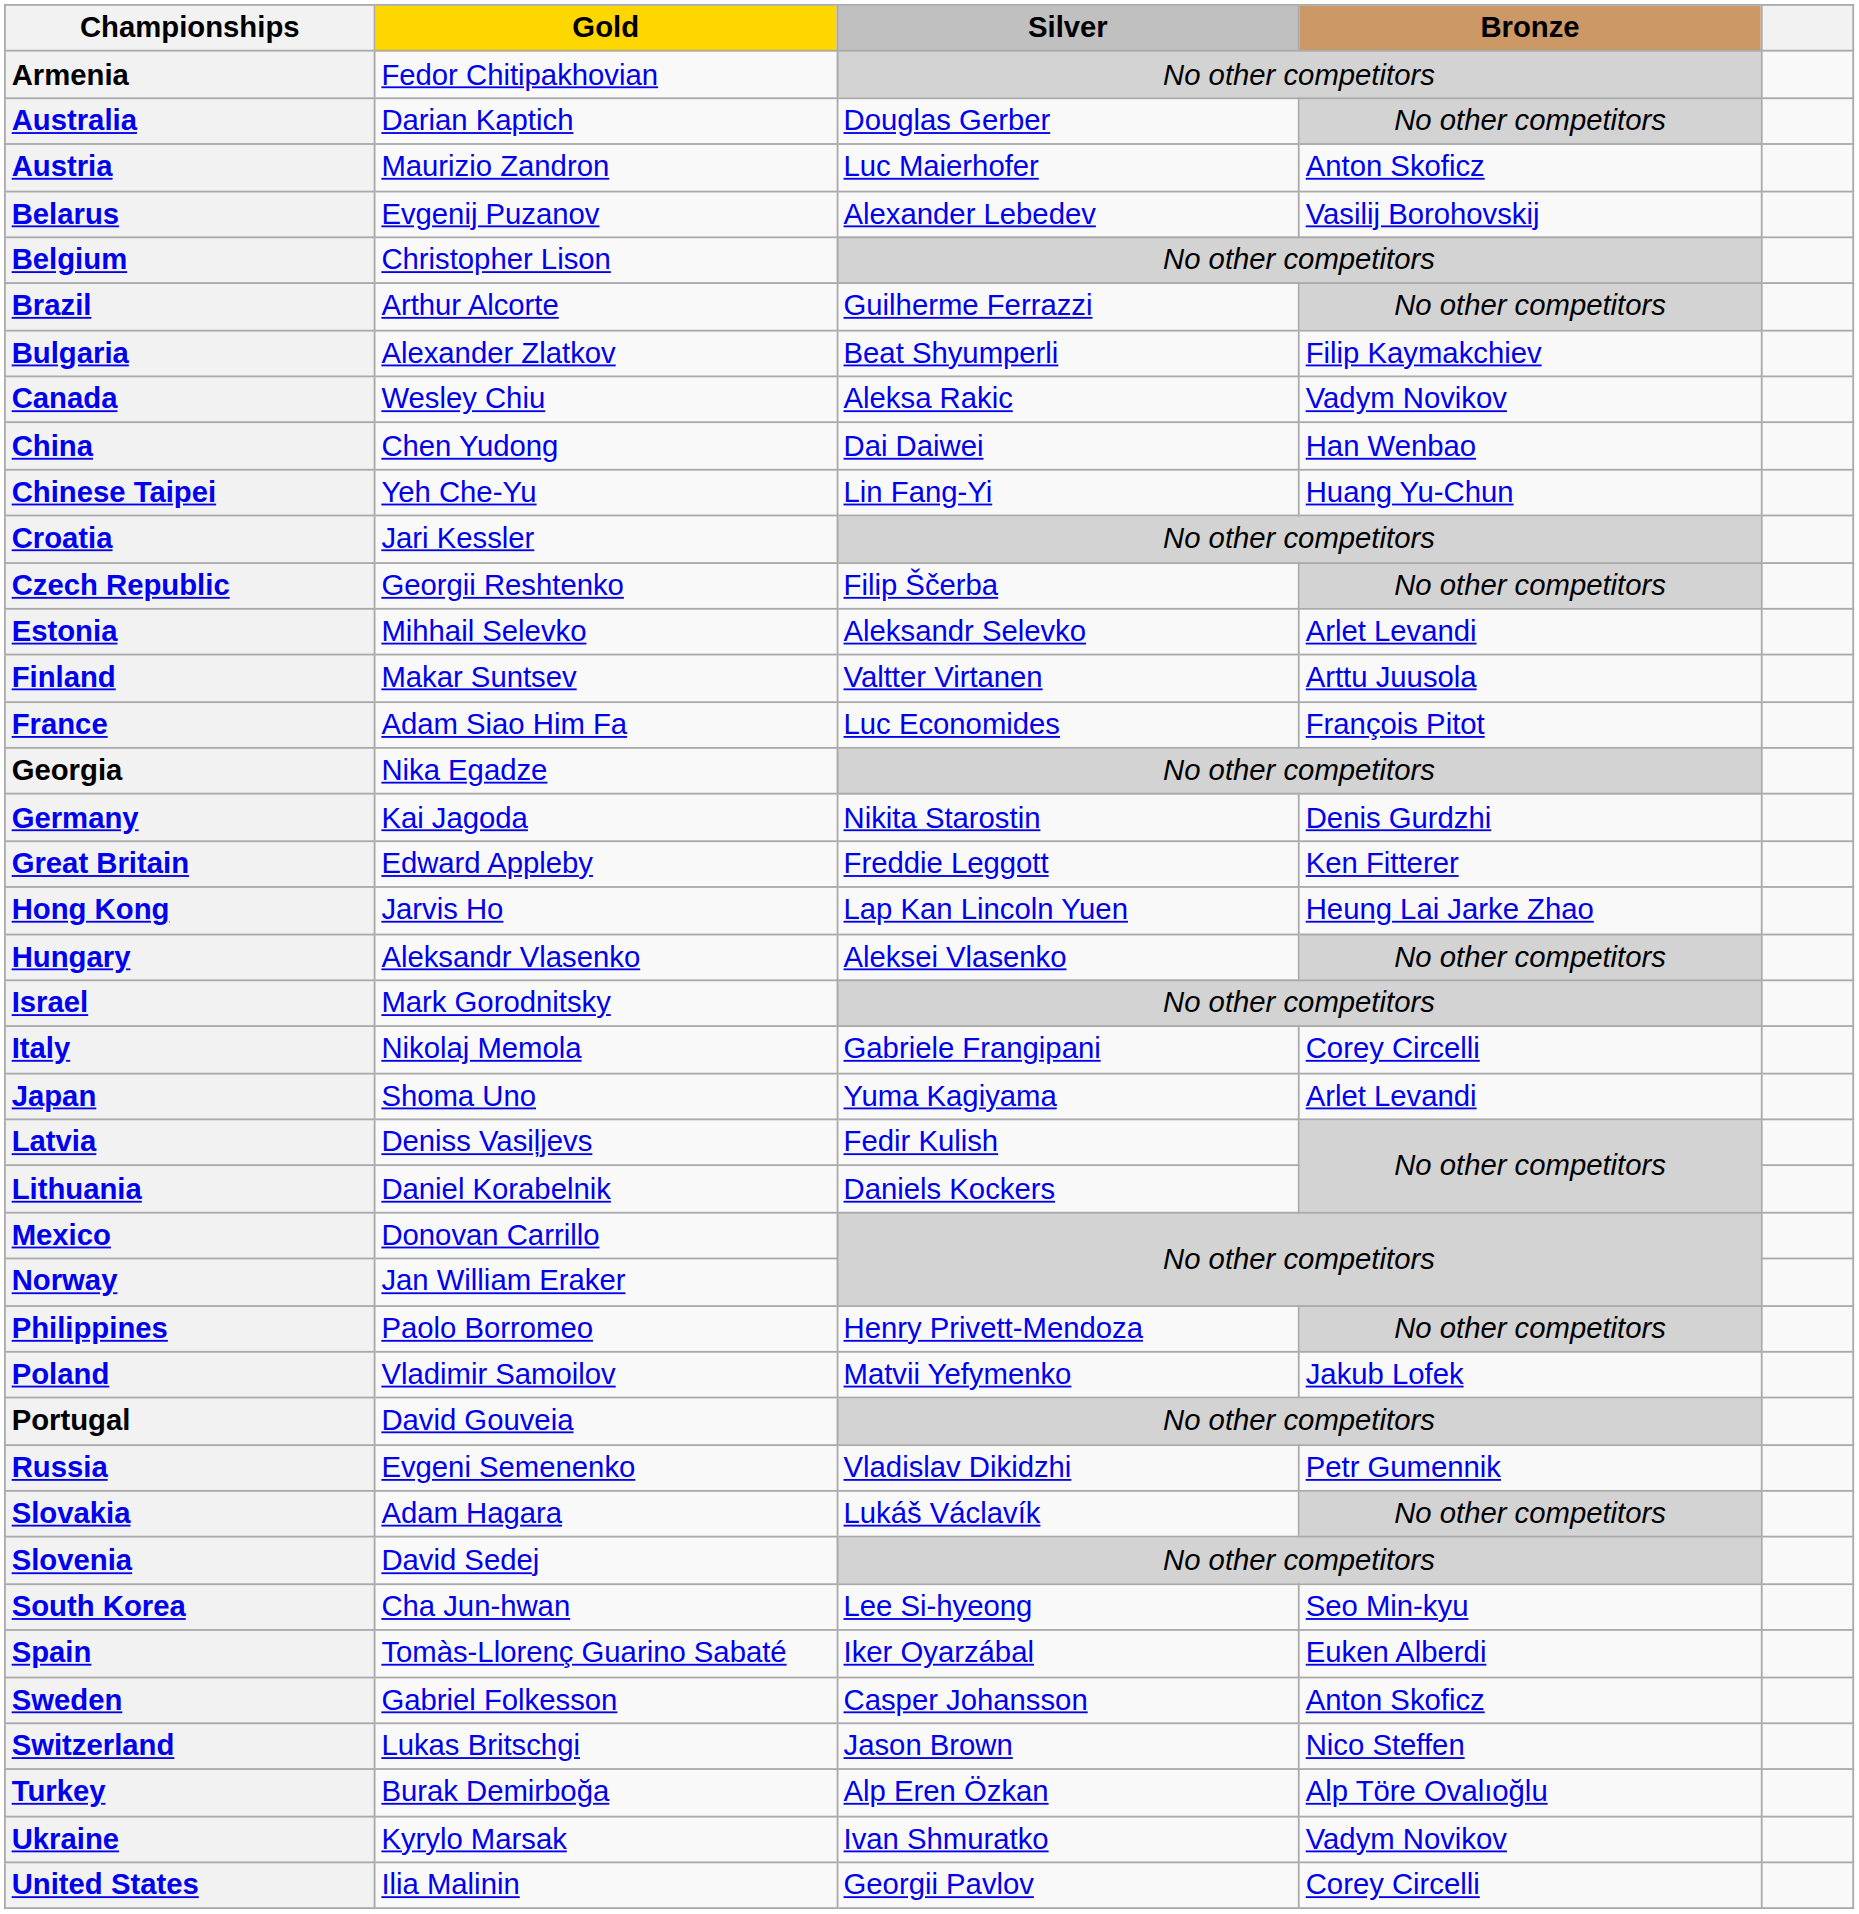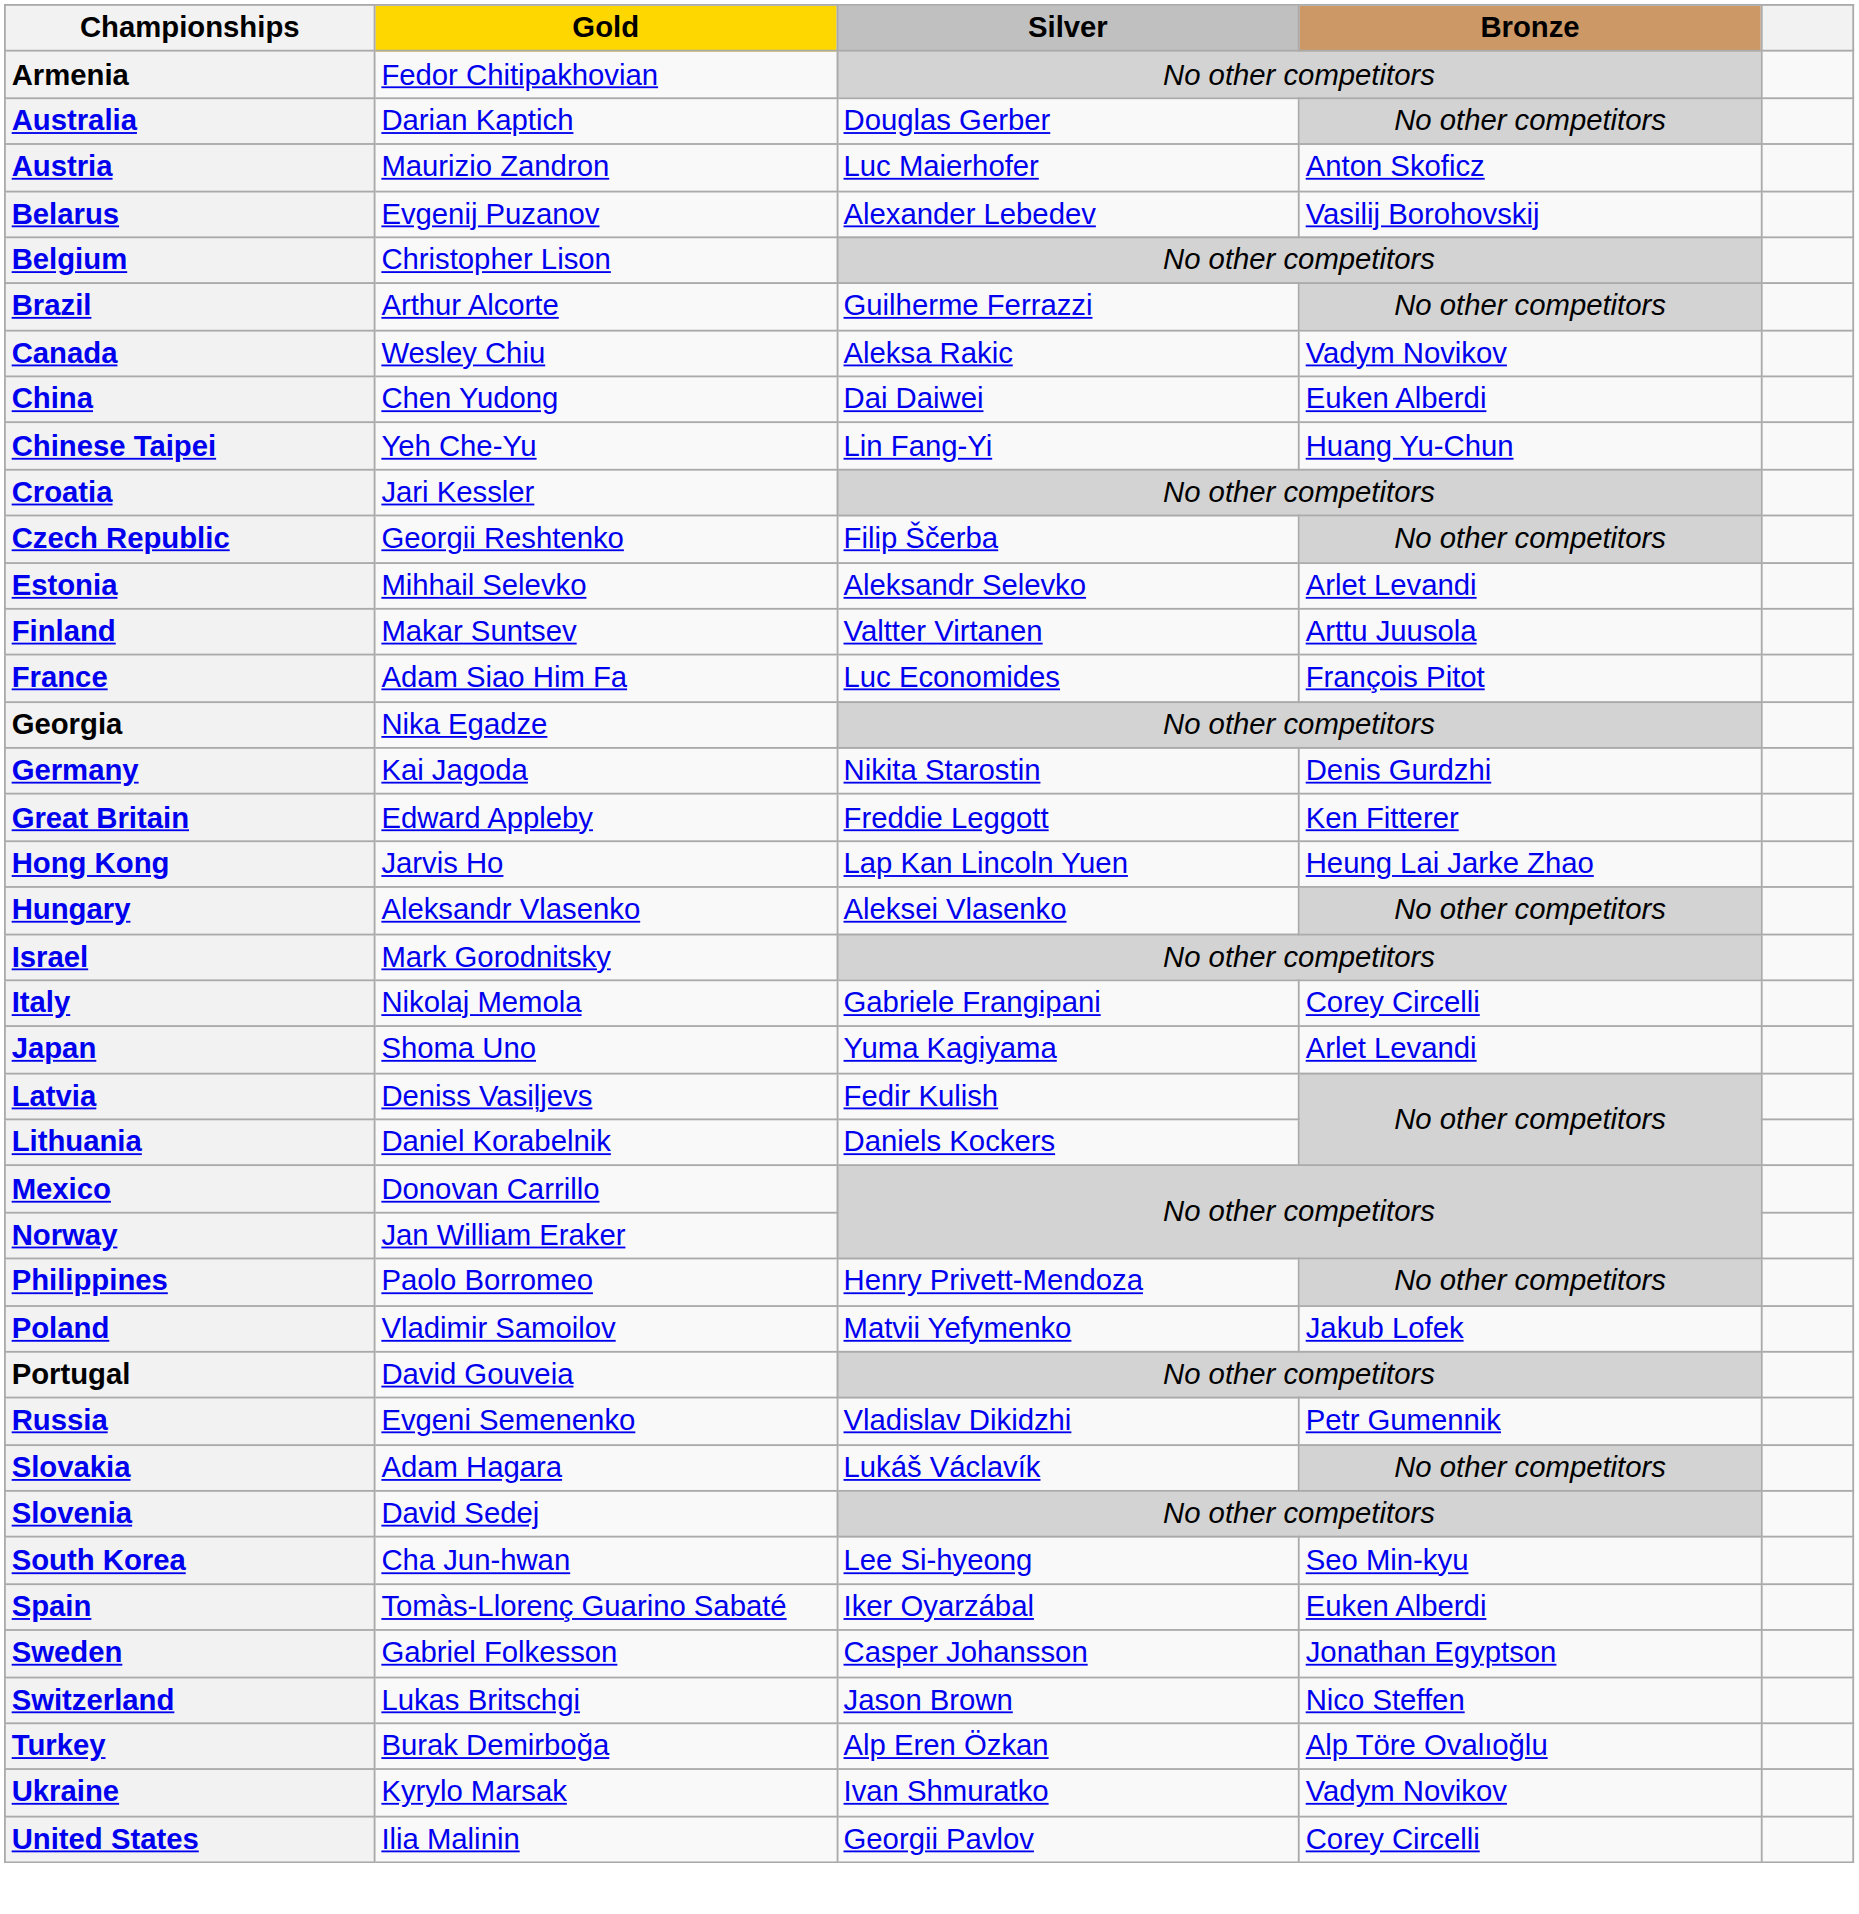 <table class="wikitable unsortable" style="text-align:left; width:80%;">
 <tr>
 <th scope="col" style="text-align:center; width:20%;">Championships</th>
 <td scope="col" style="text-align:center; width:25%; background:gold"><strong>Gold</strong></td>
 <td scope="col" style="text-align:center; width:25%; background:silver"><strong>Silver</strong></td>
 <td scope="col" style="text-align:center; width:25%; background:#c96"><strong>Bronze</strong></td>
 <th scope="col" style="text-align:center; width:5%;"></th>
 </tr>
 <tr>
 <th scope="row" style="text-align:left"> Armenia</th>
 <td><a href='#'>Fedor Chitipakhovian</a></td>
 <td colspan=2 align="center" bgcolor="lightgray"><em>No other competitors</em></td>
 <td></td>
 </tr>
 <tr>
 <th scope="row" style="text-align:left"> <a href='#'>Australia</a></th>
 <td><a href='#'>Darian Kaptich</a></td>
 <td><a href='#'>Douglas Gerber</a></td>
 <td align="center" bgcolor="lightgray"><em>No other competitors</em></td>
 <td></td>
 </tr>
 <tr>
 <th scope="row" style="text-align:left"> <a href='#'>Austria</a></th>
 <td><a href='#'>Maurizio Zandron</a></td>
 <td><a href='#'>Luc Maierhofer</a></td>
 <td><a href='#'>Anton Skoficz</a></td>
 <td></td>
 </tr>
 <tr>
 <th scope="row" style="text-align:left"> <a href='#'>Belarus</a></th>
 <td><a href='#'>Evgenij Puzanov</a></td>
 <td><a href='#'>Alexander Lebedev</a></td>
 <td><a href='#'>Vasilij Borohovskij</a></td>
 <td></td>
 </tr>
 <tr>
 <th scope="row" style="text-align:left"> <a href='#'>Belgium</a></th>
 <td><a href='#'>Christopher Lison</a></td>
 <td colspan=2 align="center" bgcolor="lightgray"><em>No other competitors</em></td>
 <td></td>
 </tr>
 <tr>
 <th scope="row" style="text-align:left"> <a href='#'>Brazil</a></th>
 <td><a href='#'>Arthur Alcorte</a></td>
 <td><a href='#'>Guilherme Ferrazzi</a></td>
 <td align="center" bgcolor="lightgray"><em>No other competitors</em></td>
 <td></td>
 </tr>
 <tr>
-<th scope="row" style="text-align:left"> <a href='#'>Bulgaria</a></th>
-<td><a href='#'>Alexander Zlatkov</a></td>
-<td><a href='#'>Beat Shyumperli</a></td>
-<td><a href='#'>Filip Kaymakchiev</a></td>
-<td></td>
-</tr>
-<tr>
 <th scope="row" style="text-align:left"> <a href='#'>Canada</a></th>
 <td><a href='#'>Wesley Chiu</a></td>
 <td><a href='#'>Aleksa Rakic</a></td>
 <td><a href='#'>Vadym Novikov</a></td>
 <td></td>
 </tr>
 <tr>
 <th scope="row" style="text-align:left"> <a href='#'>China</a></th>
 <td><a href='#'>Chen Yudong</a></td>
 <td><a href='#'>Dai Daiwei</a></td>
-<td><a href='#'>Han Wenbao</a></td>
+<td><a href='#'>Euken Alberdi</a></td>
 <td></td>
 </tr>
 <tr>
 <th scope="row" style="text-align:left"> <a href='#'>Chinese Taipei</a></th>
 <td><a href='#'>Yeh Che-Yu</a></td>
 <td><a href='#'>Lin Fang-Yi</a></td>
 <td><a href='#'>Huang Yu-Chun</a></td>
 <td></td>
 </tr>
 <tr>
 <th scope="row" style="text-align:left"> <a href='#'>Croatia</a></th>
 <td><a href='#'>Jari Kessler</a></td>
 <td colspan=2 align="center" bgcolor="lightgray"><em>No other competitors</em></td>
 <td></td>
 </tr>
 <tr>
 <th scope="row" style="text-align:left"> <a href='#'>Czech Republic</a></th>
 <td><a href='#'>Georgii Reshtenko</a></td>
 <td><a href='#'>Filip Ščerba</a></td>
 <td align="center" bgcolor="lightgray"><em>No other competitors</em></td>
 <td></td>
 </tr>
 <tr>
 <th scope="row" style="text-align:left"> <a href='#'>Estonia</a></th>
 <td><a href='#'>Mihhail Selevko</a></td>
 <td><a href='#'>Aleksandr Selevko</a></td>
 <td><a href='#'>Arlet Levandi</a></td>
 <td></td>
 </tr>
 <tr>
 <th scope="row" style="text-align:left"> <a href='#'>Finland</a></th>
 <td><a href='#'>Makar Suntsev</a></td>
 <td><a href='#'>Valtter Virtanen</a></td>
 <td><a href='#'>Arttu Juusola</a></td>
 <td></td>
 </tr>
 <tr>
 <th scope="row" style="text-align:left"> <a href='#'>France</a></th>
 <td><a href='#'>Adam Siao Him Fa</a></td>
 <td><a href='#'>Luc Economides</a></td>
 <td><a href='#'>François Pitot</a></td>
 <td></td>
 </tr>
 <tr>
 <th scope="row" style="text-align:left"> Georgia</th>
 <td><a href='#'>Nika Egadze</a></td>
 <td colspan="2" align="center" bgcolor="lightgray"><em>No other competitors</em></td>
 <td></td>
 </tr>
 <tr>
 <th scope="row" style="text-align:left"> <a href='#'>Germany</a></th>
 <td><a href='#'>Kai Jagoda</a></td>
 <td><a href='#'>Nikita Starostin</a></td>
 <td><a href='#'>Denis Gurdzhi</a></td>
 <td></td>
 </tr>
 <tr>
 <th scope="row" style="text-align:left"> <a href='#'>Great Britain</a></th>
 <td><a href='#'>Edward Appleby</a></td>
 <td><a href='#'>Freddie Leggott</a></td>
 <td><a href='#'>Ken Fitterer</a></td>
 <td></td>
 </tr>
 <tr>
 <th scope="row" style="text-align:left"> <a href='#'>Hong Kong</a></th>
 <td><a href='#'>Jarvis Ho</a></td>
 <td><a href='#'>Lap Kan Lincoln Yuen</a></td>
 <td><a href='#'>Heung Lai Jarke Zhao</a></td>
 <td></td>
 </tr>
 <tr>
 <th scope="row" style="text-align:left"> <a href='#'>Hungary</a></th>
 <td><a href='#'>Aleksandr Vlasenko</a></td>
 <td><a href='#'>Aleksei Vlasenko</a></td>
 <td align="center" bgcolor="lightgray"><em>No other competitors</em></td>
 <td></td>
 </tr>
 <tr>
 <th scope="row" style="text-align:left"> <a href='#'>Israel</a></th>
 <td><a href='#'>Mark Gorodnitsky</a></td>
 <td align="center" bgcolor="lightgray" colspan="2"><em>No other competitors</em></td>
 <td></td>
 </tr>
 <tr>
 <th scope="row" style="text-align:left"> <a href='#'>Italy</a></th>
 <td><a href='#'>Nikolaj Memola</a></td>
 <td><a href='#'>Gabriele Frangipani</a></td>
 <td><a href='#'>Corey Circelli</a></td>
 <td></td>
 </tr>
 <tr>
 <th scope="row" style="text-align:left"> <a href='#'>Japan</a></th>
 <td><a href='#'>Shoma Uno</a></td>
 <td><a href='#'>Yuma Kagiyama</a></td>
 <td><a href='#'>Arlet Levandi</a></td>
 <td></td>
 </tr>
 <tr>
 <th scope="row" style="text-align:left"> <a href='#'>Latvia</a></th>
 <td><a href='#'>Deniss Vasiļjevs</a></td>
 <td><a href='#'>Fedir Kulish</a></td>
 <td rowspan="2" align="center" bgcolor="lightgray"><em>No other competitors</em></td>
 <td></td>
 </tr>
 <tr>
 <th scope="row" style="text-align:left"> <a href='#'>Lithuania</a></th>
 <td><a href='#'>Daniel Korabelnik</a></td>
 <td><a href='#'>Daniels Kockers</a></td>
 <td></td>
 </tr>
 <tr>
 <th scope="row" style="text-align:left"> <a href='#'>Mexico</a></th>
 <td><a href='#'>Donovan Carrillo</a></td>
 <td colspan="2" rowspan="2" align="center" bgcolor="lightgray"><em>No other competitors</em></td>
 <td></td>
 </tr>
 <tr>
 <th scope="row" style="text-align:left"> <a href='#'>Norway</a></th>
 <td><a href='#'>Jan William Eraker</a></td>
 <td></td>
 </tr>
 <tr>
 <th scope="row" style="text-align:left"> <a href='#'>Philippines</a></th>
 <td><a href='#'>Paolo Borromeo</a></td>
 <td><a href='#'>Henry Privett-Mendoza</a></td>
 <td align="center" bgcolor="lightgray"><em>No other competitors</em></td>
 <td></td>
 </tr>
 <tr>
 <th scope="row" style="text-align:left"> <a href='#'>Poland</a></th>
 <td><a href='#'>Vladimir Samoilov</a></td>
 <td><a href='#'>Matvii Yefymenko</a></td>
 <td><a href='#'>Jakub Lofek</a></td>
 <td></td>
 </tr>
 <tr>
 <th scope="row" style="text-align:left"> Portugal</th>
 <td><a href='#'>David Gouveia</a></td>
 <td colspan="2" align="center" bgcolor="lightgray"><em>No other competitors</em></td>
 <td></td>
 </tr>
 <tr>
 <th scope="row" style="text-align:left"> <a href='#'>Russia</a></th>
 <td><a href='#'>Evgeni Semenenko</a></td>
 <td><a href='#'>Vladislav Dikidzhi</a></td>
 <td><a href='#'>Petr Gumennik</a></td>
 <td></td>
 </tr>
 <tr>
 <th scope="row" style="text-align:left"> <a href='#'>Slovakia</a></th>
 <td><a href='#'>Adam Hagara</a></td>
 <td><a href='#'>Lukáš Václavík</a></td>
 <td align="center" bgcolor="lightgray"><em>No other competitors</em></td>
 <td></td>
 </tr>
 <tr>
 <th scope="row" style="text-align:left"> <a href='#'>Slovenia</a></th>
 <td><a href='#'>David Sedej</a></td>
 <td colspan=2 align="center" bgcolor="lightgray"><em>No other competitors</em></td>
 <td></td>
 </tr>
 <tr>
 <th scope="row" style="text-align:left"> <a href='#'>South Korea</a></th>
 <td><a href='#'>Cha Jun-hwan</a></td>
 <td><a href='#'>Lee Si-hyeong</a></td>
 <td><a href='#'>Seo Min-kyu</a></td>
 <td></td>
 </tr>
 <tr>
 <th scope="row" style="text-align:left"> <a href='#'>Spain</a></th>
 <td><a href='#'>Tomàs-Llorenç Guarino Sabaté</a></td>
 <td><a href='#'>Iker Oyarzábal</a></td>
 <td><a href='#'>Euken Alberdi</a></td>
 <td></td>
 </tr>
 <tr>
 <th scope="row" style="text-align:left"> <a href='#'>Sweden</a></th>
 <td><a href='#'>Gabriel Folkesson</a></td>
 <td><a href='#'>Casper Johansson</a></td>
-<td><a href='#'>Anton Skoficz</a></td>
+<td><a href='#'>Jonathan Egyptson</a></td>
 <td></td>
 </tr>
 <tr>
 <th scope="row" style="text-align:left"> <a href='#'>Switzerland</a></th>
 <td><a href='#'>Lukas Britschgi</a></td>
 <td><a href='#'>Jason Brown</a></td>
 <td><a href='#'>Nico Steffen</a></td>
 <td></td>
 </tr>
 <tr>
 <th scope="row" style="text-align:left"> <a href='#'>Turkey</a></th>
 <td><a href='#'>Burak Demirboğa</a></td>
 <td><a href='#'>Alp Eren Özkan</a></td>
 <td><a href='#'>Alp Töre Ovalıoğlu</a></td>
 <td></td>
 </tr>
 <tr>
 <th scope="row" style="text-align:left"> <a href='#'>Ukraine</a></th>
 <td><a href='#'>Kyrylo Marsak</a></td>
 <td><a href='#'>Ivan Shmuratko</a></td>
 <td><a href='#'>Vadym Novikov</a></td>
 <td></td>
 </tr>
 <tr>
 <th scope="row" style="text-align:left"> <a href='#'>United States</a></th>
 <td><a href='#'>Ilia Malinin</a></td>
 <td><a href='#'>Georgii Pavlov</a></td>
 <td><a href='#'>Corey Circelli</a></td>
 <td></td>
 </tr>
 </table>
